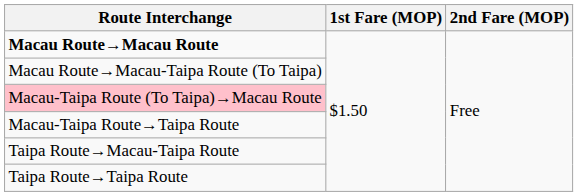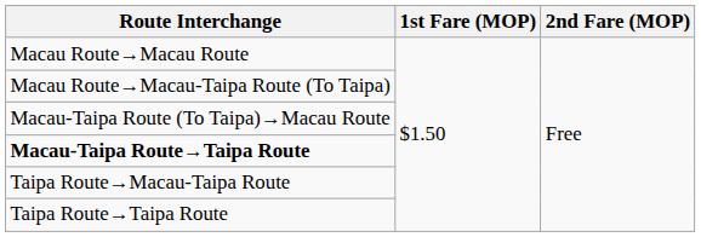 <table class="wikitable" border="1">
 <tr>
 <th>Route Interchange</th>
 <th>1st Fare (MOP)</th>
 <th>2nd Fare (MOP)</th>
 </tr>
 <tr>
-<td><strong>Macau Route→Macau Route</strong></td>
+<td>Macau Route→Macau Route</td>
 <td rowspan="6">$1.50</td>
 <td rowspan="6">Free</td>
 </tr>
 <tr>
 <td>Macau Route→Macau-Taipa Route (To Taipa)</td>
 </tr>
 <tr>
-<td style="background: pink;">Macau-Taipa Route (To Taipa)→Macau Route</td>
+<td>Macau-Taipa Route (To Taipa)→Macau Route</td>
 </tr>
 <tr>
-<td>Macau-Taipa Route→Taipa Route</td>
+<td><strong>Macau-Taipa Route→Taipa Route</strong></td>
 </tr>
 <tr>
 <td>Taipa Route→Macau-Taipa Route</td>
 </tr>
 <tr>
 <td>Taipa Route→Taipa Route</td>
 </tr>
 </table>
